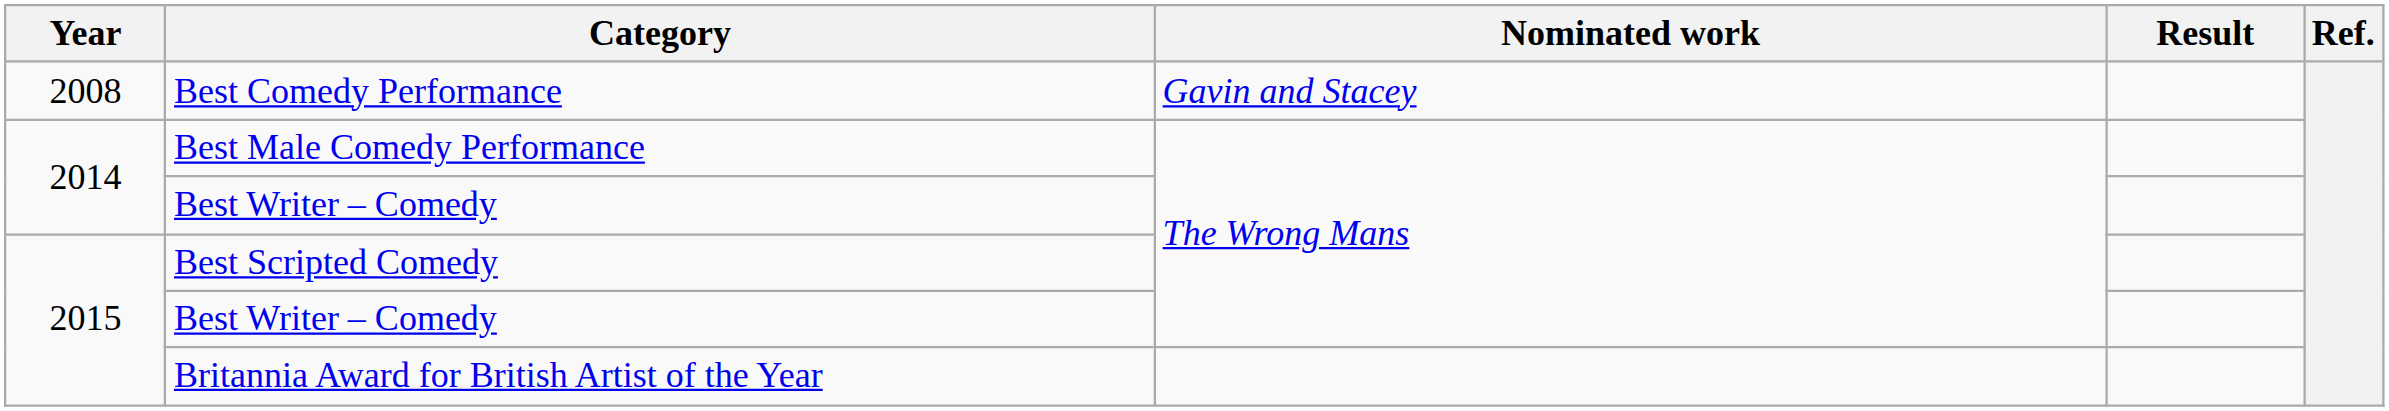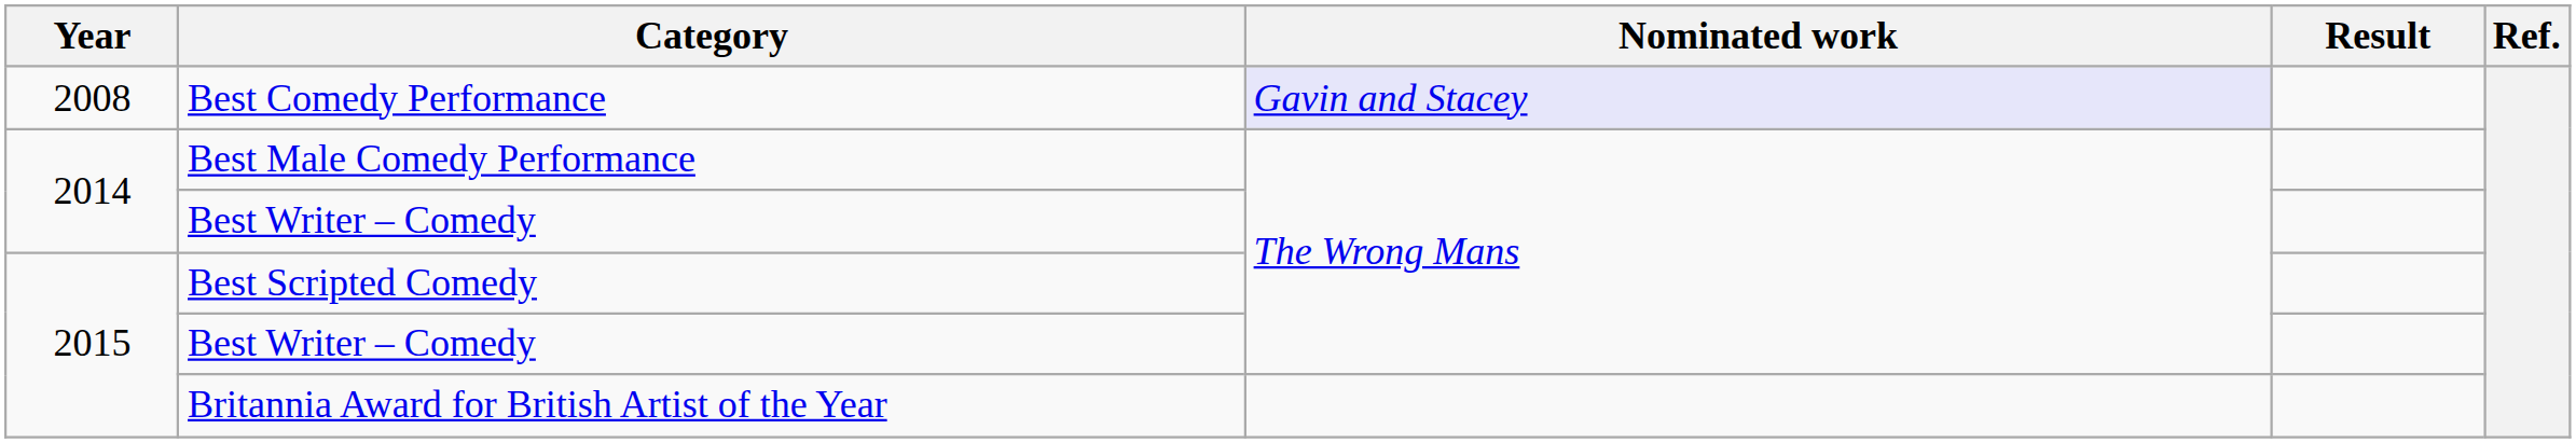 <table class=wikitable>
 <tr>
 <th scope="col" style="width:4em;">Year</th>
 <th scope="col" style="width:27em;">Category</th>
 <th scope="col" style="width:26em;">Nominated work</th>
 <th scope="col" style="width:5em;">Result</th>
 <th>Ref.</th>
 </tr>
 <tr>
 <td style="text-align:center;">2008</td>
 <td><a href='#'>Best Comedy Performance</a></td>
-<td><em><a href='#'>Gavin and Stacey</a></em></td>
+<td style="background: lavender;"><em><a href='#'>Gavin and Stacey</a></em></td>
 <td></td>
 <th style="text-align:center;" rowspan="6"></th>
 </tr>
 <tr>
 <td style="text-align:center;", rowspan="2">2014</td>
 <td><a href='#'>Best Male Comedy Performance</a></td>
 <td rowspan="4"><em><a href='#'>The Wrong Mans</a></em></td>
 <td></td>
 </tr>
 <tr>
 <td><a href='#'>Best Writer – Comedy</a></td>
 <td></td>
 </tr>
 <tr>
 <td style="text-align:center;", rowspan="3">2015</td>
 <td><a href='#'>Best Scripted Comedy</a></td>
 <td></td>
 </tr>
 <tr>
 <td><a href='#'>Best Writer – Comedy</a></td>
 <td></td>
 </tr>
 <tr>
 <td><a href='#'>Britannia Award for British Artist of the Year</a></td>
 <td></td>
 <td></td>
 </tr>
 </table>
